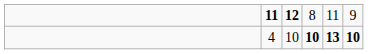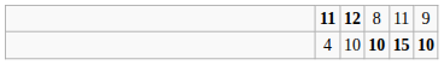 <table class="wikitable">
 <tr>
 <td style="width:18em"></td>
 <td align=center style="width:1em"><strong>11</strong></td>
 <td align=center style="width:1em"><strong>12</strong></td>
 <td align=center style="width:1em">8</td>
 <td align=center style="width:1em">11</td>
 <td align=center style="width:1em">9</td>
 </tr>
 <tr>
 <td style="width:18em"></td>
 <td align=center style="width:1em">4</td>
 <td align=center style="width:1em">10</td>
 <td align=center style="width:1em"><strong>10</strong></td>
-<td align=center style="width:1em"><strong>13</strong></td>
+<td align=center style="width:1em"><strong>15</strong></td>
 <td align=center style="width:1em"><strong>10</strong></td>
 </tr>
 </table>
